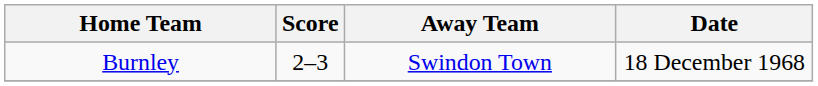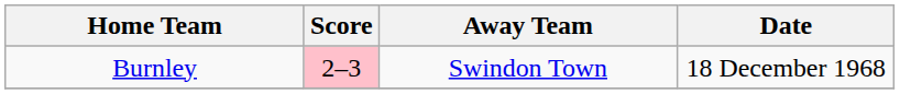 <table class="wikitable" style="text-align:center;">
 <tr>
 <th width=175>Home Team</th>
 <th width=20>Score</th>
 <th width=175>Away Team</th>
 <th width=125>Date</th>
 </tr>
 <tr>
 <td><a href='#'>Burnley</a></td>
-<td>2–3</td>
+<td style="background: pink;">2–3</td>
 <td><a href='#'>Swindon Town</a></td>
 <td>18 December 1968</td>
 </tr>
 <tr>
 </tr>
 </table>
